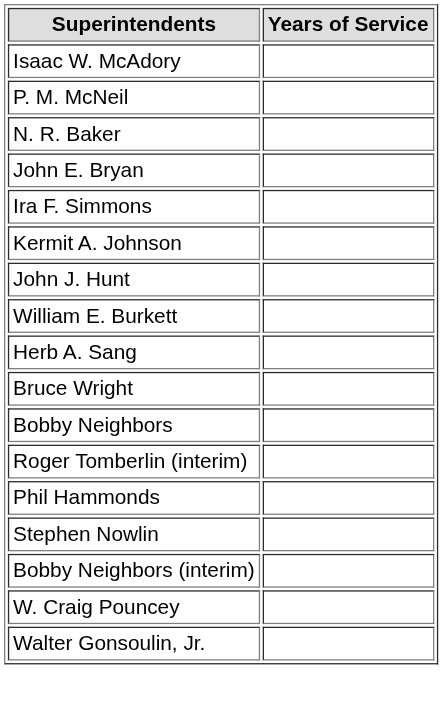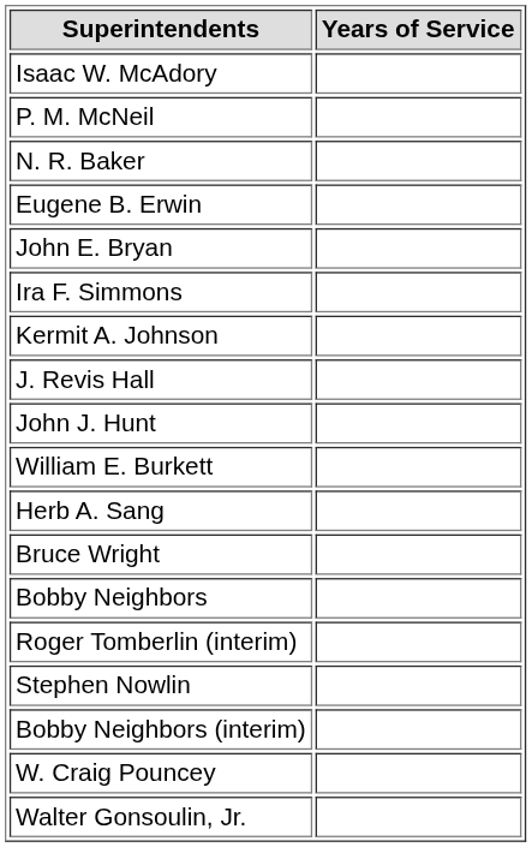 <table border="1" cellpadding="3" style="border-collaspe:collaspe;">
 <tr bgcolor=#dedede>
 <th>Superintendents</th>
 <th>Years of Service</th>
 </tr>
 <tr>
 <td>Isaac W. McAdory</td>
 <td></td>
 </tr>
 <tr>
 <td>P. M. McNeil</td>
 <td></td>
 </tr>
 <tr>
 <td>N. R. Baker</td>
 <td></td>
 </tr>
 <tr>
+<td>Eugene B. Erwin</td>
+<td></td>
+</tr>
+<tr>
 <td>John E. Bryan</td>
 <td></td>
 </tr>
 <tr>
 <td>Ira F. Simmons</td>
 <td></td>
 </tr>
 <tr>
 <td>Kermit A. Johnson</td>
+<td></td>
+</tr>
+<tr>
+<td>J. Revis Hall</td>
 <td></td>
 </tr>
 <tr>
 <td>John J. Hunt</td>
 <td></td>
 </tr>
 <tr>
 <td>William E. Burkett</td>
 <td></td>
 </tr>
 <tr>
 <td>Herb A. Sang</td>
 <td></td>
 </tr>
 <tr>
 <td>Bruce Wright</td>
 <td></td>
 </tr>
 <tr>
 <td>Bobby Neighbors</td>
 <td></td>
 </tr>
 <tr>
 <td>Roger Tomberlin (interim)</td>
 <td></td>
 </tr>
 <tr>
-<td>Phil Hammonds</td>
-<td></td>
-</tr>
-<tr>
 <td>Stephen Nowlin</td>
 <td></td>
 </tr>
 <tr>
 <td>Bobby Neighbors (interim)</td>
 <td></td>
 </tr>
 <tr>
 <td>W. Craig Pouncey</td>
 <td></td>
 </tr>
 <tr>
 <td>Walter Gonsoulin, Jr.</td>
 <td></td>
 </tr>
 </table>
